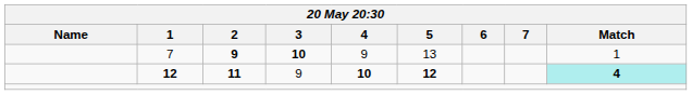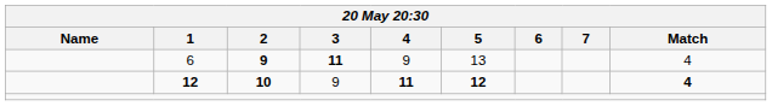 <table class=wikitable style="text-align:center; width: 55%">
 <tr>
 <th colspan=17><em>20 May 20:30</em></th>
 </tr>
 <tr>
 <th>Name</th>
 <th>1</th>
 <th>2</th>
 <th>3</th>
 <th>4</th>
 <th>5</th>
 <th>6</th>
 <th>7</th>
 <th>Match</th>
 </tr>
 <tr>
 <td style="text-align:left;"></td>
-<td>7</td>
+<td>6</td>
 <td><strong>9</strong></td>
-<td><strong>10</strong></td>
+<td><strong>11</strong></td>
 <td>9</td>
 <td>13</td>
 <td></td>
 <td></td>
-<td>1</td>
+<td>4</td>
 </tr>
 <tr>
 <td style="text-align:left;"><strong></strong></td>
 <td><strong>12</strong></td>
+<td><strong>10</strong></td>
+<td>9</td>
 <td><strong>11</strong></td>
-<td>9</td>
-<td><strong>10</strong></td>
 <td><strong>12</strong></td>
 <td></td>
 <td></td>
-<td style="background: paleturquoise;"><strong>4</strong></td>
+<td><strong>4</strong></td>
 </tr>
 <tr>
 <td colspan=17></td>
 </tr>
 </table>
